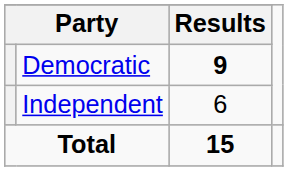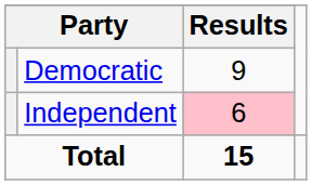 <table class="wikitable" style="text-align:center;">
 <tr>
 </tr>
 <tr>
 <th colspan=2>Party</th>
 <th>Results</th>
 </tr>
 <tr>
 <th style="background-color:"></th>
 <td style="text-align:left;"><a href='#'>Democratic</a></td>
-<td><strong>9</strong></td>
+<td>9</td>
 </tr>
 <tr>
 <th style="background-color:"></th>
 <td style="text-align:left;"><a href='#'>Independent</a></td>
-<td>6</td>
+<td style="background: pink;">6</td>
 </tr>
 <tr>
 <td colspan=2><strong>Total</strong></td>
 <td><strong>15</strong></td>
 <td></td>
 </tr>
 </table>
